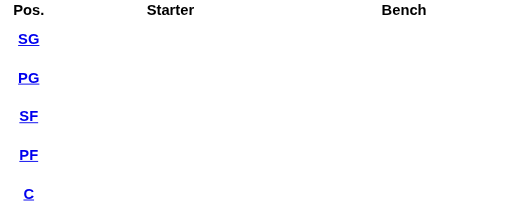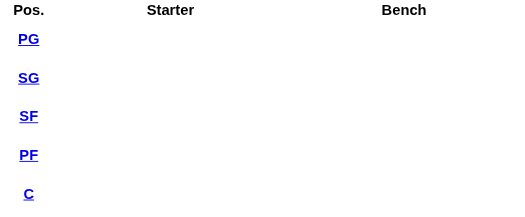 <table style="text-align:center; ">
 <tr>
 <th width="50">Pos.</th>
 <th width="250">Starter</th>
 <th width="250">Bench</th>
 </tr>
 <tr style="height:40px; background:white; color:#092C57">
-<th><a href='#'><span>SG</span></a></th>
+<th><a href='#'><span>PG</span></a></th>
 <td></td>
 <td></td>
 </tr>
 <tr style="height:40px; background:white; color:#092C57">
-<th><a href='#'><span>PG</span></a></th>
+<th><a href='#'><span>SG</span></a></th>
 <td></td>
 <td></td>
 </tr>
 <tr style="height:40px; background:white; color:#092C57">
 <th><a href='#'><span>SF</span></a></th>
 <td></td>
 <td></td>
 </tr>
 <tr style="height:40px; background:white; color:#092C57">
 <th><a href='#'><span>PF</span></a></th>
 <td></td>
 <td></td>
 </tr>
 <tr style="height:40px; background:white; color:#092C57">
 <th><a href='#'><span>C</span></a></th>
 <td></td>
 <td></td>
 </tr>
 </table>
